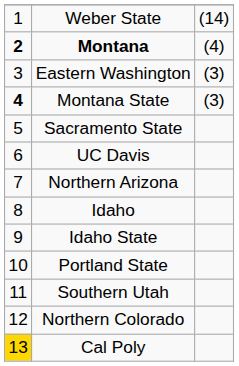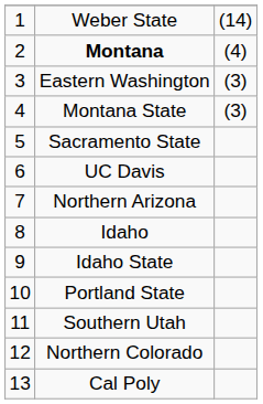 <table class="wikitable" style="display: inline-table;">
 <tr align="center">
 </tr>
 <tr align="center">
 <td>1</td>
 <td>Weber State</td>
 <td>(14)</td>
 </tr>
 <tr align="center">
-<td><strong>2</strong></td>
+<td>2</td>
 <td><strong>Montana</strong></td>
 <td>(4)</td>
 </tr>
 <tr align="center">
 <td>3</td>
 <td>Eastern Washington</td>
 <td>(3)</td>
 </tr>
 <tr align="center">
-<td><strong>4</strong></td>
+<td>4</td>
 <td>Montana State</td>
 <td>(3)</td>
 </tr>
 <tr align="center">
 <td>5</td>
 <td>Sacramento State</td>
 <td></td>
 </tr>
 <tr align="center">
 <td>6</td>
 <td>UC Davis</td>
 <td></td>
 </tr>
 <tr align="center">
 <td>7</td>
 <td>Northern Arizona</td>
 <td></td>
 </tr>
 <tr align="center">
 <td>8</td>
 <td>Idaho</td>
 <td></td>
 </tr>
 <tr align="center">
 <td>9</td>
 <td>Idaho State</td>
 <td></td>
 </tr>
 <tr align="center">
 <td>10</td>
 <td>Portland State</td>
 <td></td>
 </tr>
 <tr align="center">
 <td>11</td>
 <td>Southern Utah</td>
 <td></td>
 </tr>
 <tr align="center">
 <td>12</td>
 <td>Northern Colorado</td>
 <td></td>
 </tr>
 <tr align="center">
-<td style="background: gold;">13</td>
+<td>13</td>
 <td>Cal Poly</td>
 <td></td>
 </tr>
 </table>
